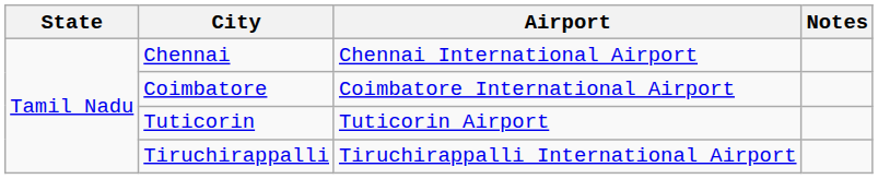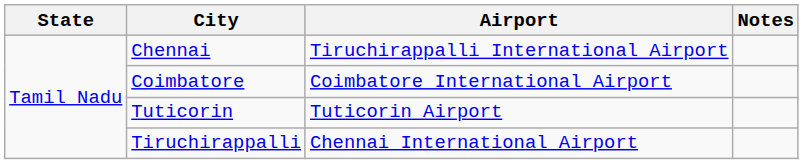 <table class="sortable wikitable">
 <tr>
 <th>State</th>
 <th>City</th>
 <th>Airport</th>
 <th>Notes</th>
 </tr>
 <tr>
 <td rowspan="4”"><a href='#'>Tamil Nadu</a></td>
 <td><a href='#'>Chennai</a></td>
-<td><a href='#'>Chennai International Airport</a></td>
+<td><a href='#'>Tiruchirappalli International Airport</a></td>
 <td></td>
 </tr>
 <tr>
 <td><a href='#'>Coimbatore</a></td>
 <td><a href='#'>Coimbatore International Airport</a></td>
 <td align=center></td>
 </tr>
 <tr>
 <td><a href='#'>Tuticorin</a></td>
 <td><a href='#'>Tuticorin Airport</a></td>
 <td align=center></td>
 </tr>
 <tr>
 <td><a href='#'>Tiruchirappalli</a></td>
-<td><a href='#'>Tiruchirappalli International Airport</a></td>
+<td><a href='#'>Chennai International Airport</a></td>
 <td align=center></td>
 </tr>
 </table>
